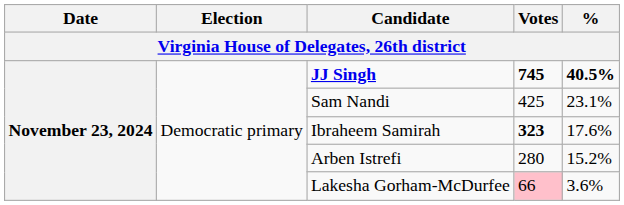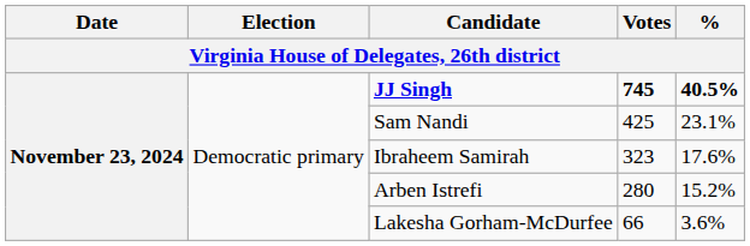 <table class="wikitable">
 <tr>
 <th>Date</th>
 <th>Election</th>
 <th>Candidate</th>
 <th>Votes</th>
 <th>%</th>
 </tr>
 <tr>
 <th colspan="5"><a href='#'>Virginia House of Delegates, 26th district</a></th>
 </tr>
 <tr>
 <th rowspan="5">November 23, 2024</th>
 <td rowspan="6" align="center" >Democratic primary</td>
 <td><strong><a href='#'>JJ Singh</a></strong></td>
 <td><strong>745</strong></td>
 <td><strong>40.5%</strong></td>
 </tr>
 <tr>
 <td>Sam Nandi</td>
 <td>425</td>
 <td>23.1%</td>
 </tr>
 <tr>
 <td>Ibraheem Samirah</td>
-<td><strong>323</strong></td>
+<td>323</td>
 <td>17.6%</td>
 </tr>
 <tr>
 <td>Arben Istrefi</td>
 <td>280</td>
 <td>15.2%</td>
 </tr>
 <tr>
 <td>Lakesha Gorham-McDurfee</td>
-<td style="background: pink;">66</td>
+<td>66</td>
 <td>3.6%</td>
 </tr>
 </table>
